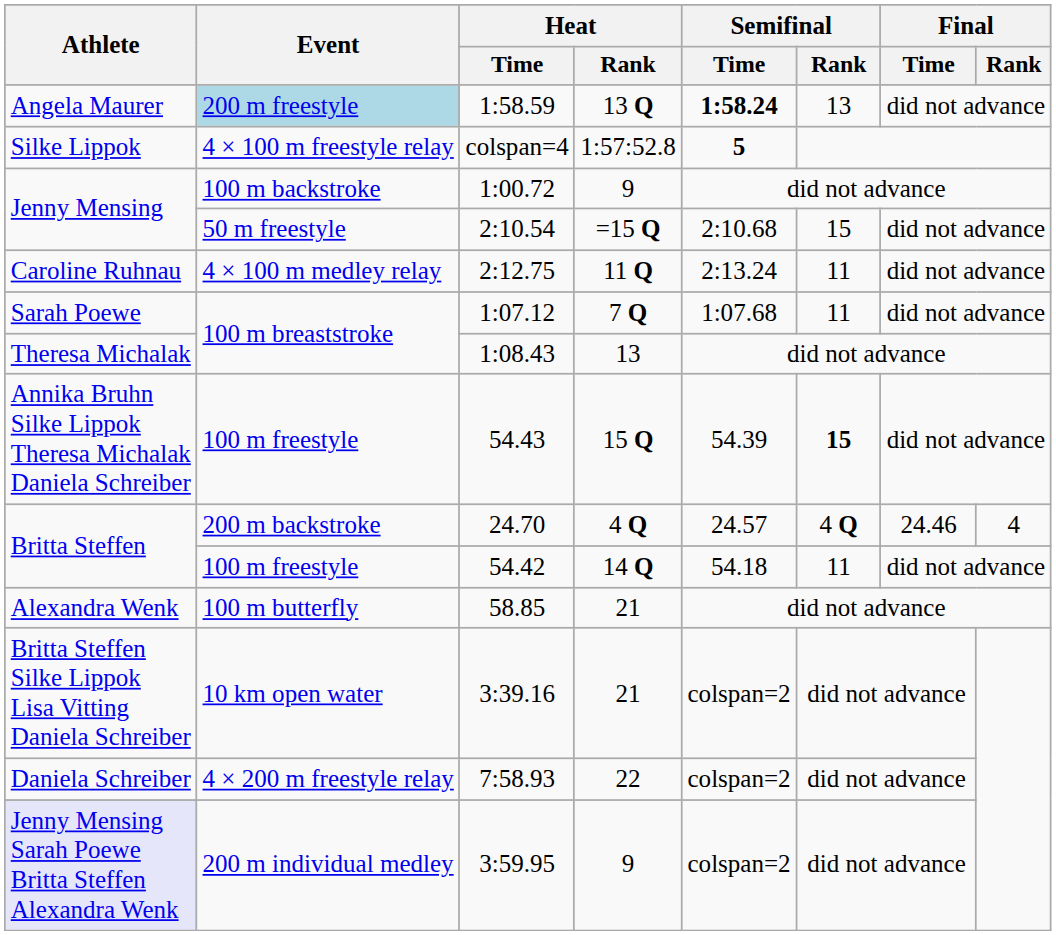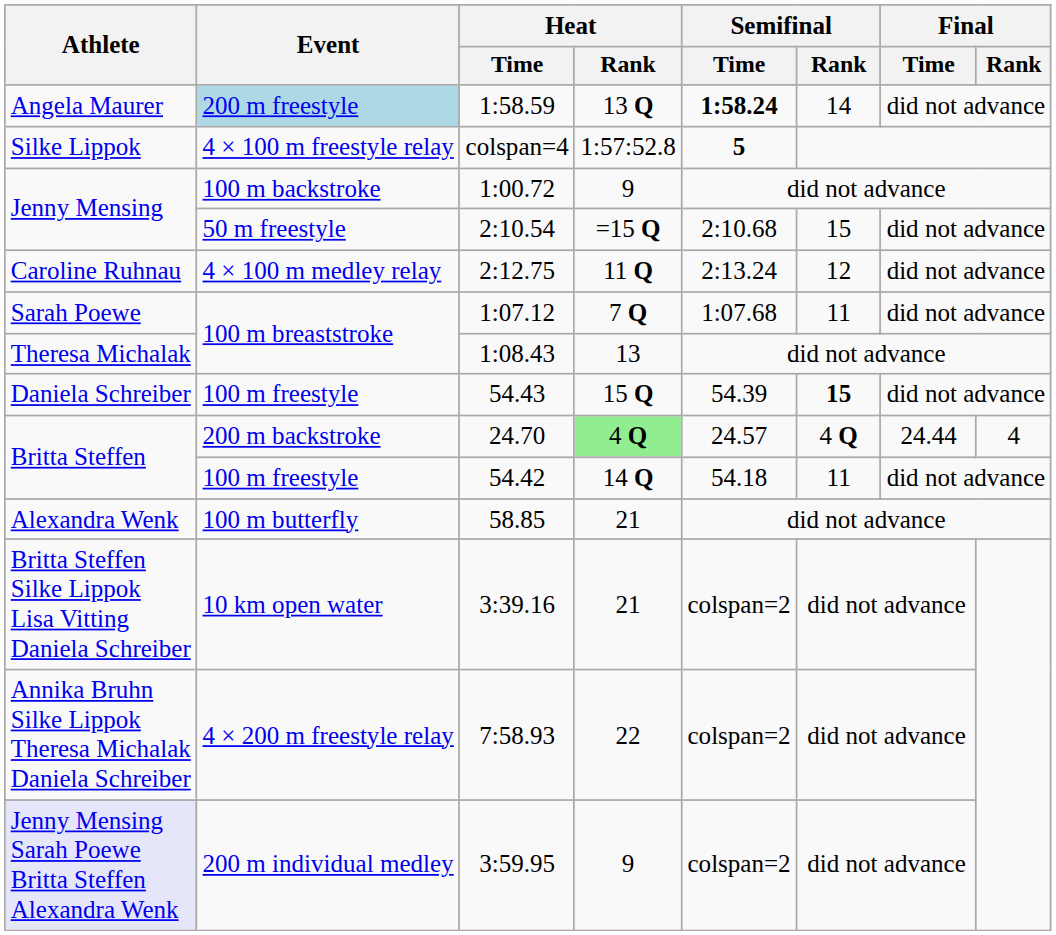 <table class=wikitable style="font-size:90%">
 <tr>
 <th rowspan="2">Athlete</th>
 <th rowspan="2">Event</th>
 <th colspan="2">Heat</th>
 <th colspan="2">Semifinal</th>
 <th colspan="2">Final</th>
 </tr>
 <tr style="font-size:95%">
 <th>Time</th>
 <th>Rank</th>
 <th>Time</th>
 <th>Rank</th>
 <th>Time</th>
 <th>Rank</th>
 </tr>
 <tr align=center>
 <td align=left><a href='#'>Angela Maurer</a></td>
 <td align=left style="background: lightblue;"><a href='#'>200 m freestyle</a></td>
 <td>1:58.59</td>
 <td>13 <strong>Q</strong></td>
 <td><strong>1:58.24</strong></td>
-<td>13</td>
+<td>14</td>
 <td colspan=2>did not advance</td>
 </tr>
 <tr align=center>
 <td align=left><a href='#'>Silke Lippok</a></td>
 <td align=left><a href='#'>4 × 100 m freestyle relay</a></td>
 <td>colspan=4 </td>
 <td>1:57:52.8</td>
 <td><strong>5</strong></td>
 </tr>
 <tr align=center>
 <td align=left rowspan=2><a href='#'>Jenny Mensing</a></td>
 <td align=left><a href='#'>100 m backstroke</a></td>
 <td>1:00.72</td>
 <td>9</td>
 <td colspan=4>did not advance</td>
 </tr>
 <tr align=center>
 <td align=left><a href='#'>50 m freestyle</a></td>
 <td>2:10.54</td>
 <td>=15 <strong>Q</strong></td>
 <td>2:10.68</td>
 <td>15</td>
 <td colspan=2>did not advance</td>
 </tr>
 <tr align=center>
 <td align=left><a href='#'>Caroline Ruhnau</a></td>
 <td align=left><a href='#'>4 × 100 m medley relay</a></td>
 <td>2:12.75</td>
 <td>11 <strong>Q</strong></td>
 <td>2:13.24</td>
-<td>11</td>
+<td>12</td>
 <td colspan=2>did not advance</td>
 </tr>
 <tr align=center>
 <td align=left><a href='#'>Sarah Poewe</a></td>
 <td align=left rowspan=2><a href='#'>100 m breaststroke</a></td>
 <td>1:07.12</td>
 <td>7 <strong>Q</strong></td>
 <td>1:07.68</td>
 <td>11</td>
 <td colspan=2>did not advance</td>
 </tr>
 <tr align=center>
 <td align=left><a href='#'>Theresa Michalak</a></td>
 <td>1:08.43</td>
 <td>13</td>
 <td colspan=4>did not advance</td>
 </tr>
 <tr align=center>
-<td align=left><a href='#'>Annika Bruhn</a><br><a href='#'>Silke Lippok</a><br><a href='#'>Theresa Michalak</a><br><a href='#'>Daniela Schreiber</a></td>
+<td align=left><a href='#'>Daniela Schreiber</a></td>
 <td align=left><a href='#'>100 m freestyle</a></td>
 <td>54.43</td>
 <td>15 <strong>Q</strong></td>
 <td>54.39</td>
 <td><strong>15</strong></td>
 <td colspan=2>did not advance</td>
 </tr>
 <tr align=center>
 <td align=left rowspan=2><a href='#'>Britta Steffen</a></td>
 <td align=left><a href='#'>200 m backstroke</a></td>
 <td>24.70</td>
-<td>4 <strong>Q</strong></td>
+<td style="background: lightgreen;">4 <strong>Q</strong></td>
 <td>24.57</td>
 <td>4 <strong>Q</strong></td>
-<td>24.46</td>
+<td>24.44</td>
 <td>4</td>
 </tr>
 <tr align=center>
 <td align=left><a href='#'>100 m freestyle</a></td>
 <td>54.42</td>
 <td>14 <strong>Q</strong></td>
 <td>54.18</td>
 <td>11</td>
 <td colspan=2>did not advance</td>
 </tr>
 <tr align=center>
 <td align=left><a href='#'>Alexandra Wenk</a></td>
 <td align=left><a href='#'>100 m butterfly</a></td>
 <td>58.85</td>
 <td>21</td>
 <td colspan=4>did not advance</td>
 </tr>
 <tr align=center>
 <td align=left><a href='#'>Britta Steffen</a><br><a href='#'>Silke Lippok</a><br><a href='#'>Lisa Vitting</a><br><a href='#'>Daniela Schreiber</a></td>
 <td align=left><a href='#'>10 km open water</a></td>
 <td>3:39.16</td>
 <td>21</td>
 <td>colspan=2 </td>
 <td colspan=2>did not advance</td>
 </tr>
 <tr align=center>
-<td align=left><a href='#'>Daniela Schreiber</a></td>
+<td align=left><a href='#'>Annika Bruhn</a><br><a href='#'>Silke Lippok</a><br><a href='#'>Theresa Michalak</a><br><a href='#'>Daniela Schreiber</a></td>
 <td align=left><a href='#'>4 × 200 m freestyle relay</a></td>
 <td>7:58.93</td>
 <td>22</td>
 <td>colspan=2 </td>
 <td colspan=2>did not advance</td>
 </tr>
 <tr align=center>
 <td align=left style="background: lavender;"><a href='#'>Jenny Mensing</a><br><a href='#'>Sarah Poewe</a><br><a href='#'>Britta Steffen</a><br><a href='#'>Alexandra Wenk</a></td>
 <td align=left><a href='#'>200 m individual medley</a></td>
 <td>3:59.95</td>
 <td>9</td>
 <td>colspan=2 </td>
 <td colspan=2>did not advance</td>
 </tr>
 </table>
